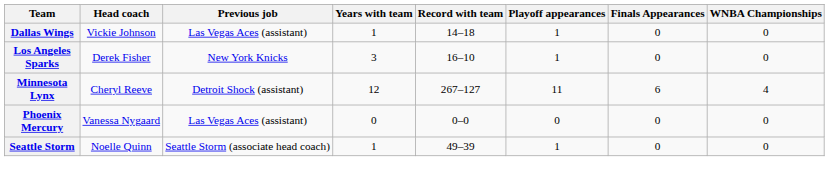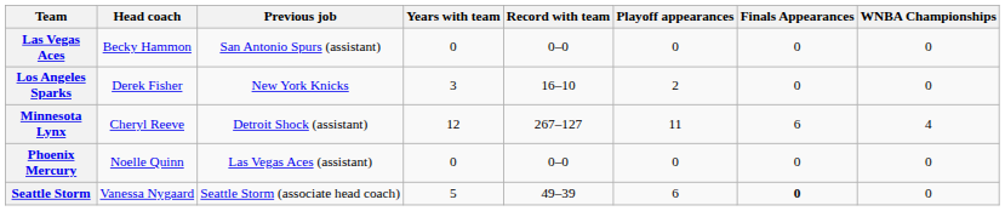 <table class="wikitable sortable" style="text-align: center;font-size:90%;">
 <tr>
 <th width="90">Team</th>
 <th>Head coach</th>
 <th>Previous job</th>
 <th>Years with team</th>
 <th>Record with team</th>
 <th>Playoff appearances</th>
 <th>Finals Appearances</th>
 <th>WNBA Championships</th>
 </tr>
 <tr>
-<th><a href='#'><span>Dallas Wings</span></a></th>
-<td><a href='#'>Vickie Johnson</a></td>
-<td><a href='#'>Las Vegas Aces</a> (assistant)</td>
-<td>1</td>
-<td>14–18</td>
-<td>1</td>
+<th><a href='#'><span>Las Vegas Aces</span></a></th>
+<td><a href='#'>Becky Hammon</a></td>
+<td><a href='#'>San Antonio Spurs</a> (assistant)</td>
+<td>0</td>
+<td>0–0</td>
+<td>0</td>
 <td>0</td>
 <td>0</td>
 </tr>
 <tr>
 <th><a href='#'><span>Los Angeles Sparks</span></a></th>
 <td><a href='#'>Derek Fisher</a></td>
 <td><a href='#'>New York Knicks</a></td>
 <td>3</td>
 <td>16–10</td>
-<td>1</td>
+<td>2</td>
 <td>0</td>
 <td>0</td>
 </tr>
 <tr>
 <th><a href='#'><span>Minnesota Lynx</span></a></th>
 <td><a href='#'>Cheryl Reeve</a></td>
 <td><a href='#'>Detroit Shock</a> (assistant)</td>
 <td>12</td>
 <td>267–127</td>
 <td>11</td>
 <td>6</td>
 <td>4</td>
 </tr>
 <tr>
 <th><a href='#'><span>Phoenix Mercury</span></a></th>
-<td><a href='#'>Vanessa Nygaard</a></td>
+<td><a href='#'>Noelle Quinn</a></td>
 <td><a href='#'>Las Vegas Aces</a> (assistant)</td>
 <td>0</td>
 <td>0–0</td>
 <td>0</td>
 <td>0</td>
 <td>0</td>
 </tr>
 <tr>
 <th><a href='#'><span>Seattle Storm</span></a></th>
-<td><a href='#'>Noelle Quinn</a></td>
+<td><a href='#'>Vanessa Nygaard</a></td>
 <td><a href='#'>Seattle Storm</a> (associate head coach)</td>
-<td>1</td>
+<td>5</td>
 <td>49–39</td>
-<td>1</td>
-<td>0</td>
+<td>6</td>
+<td><strong>0</strong></td>
 <td>0</td>
 </tr>
 </table>
